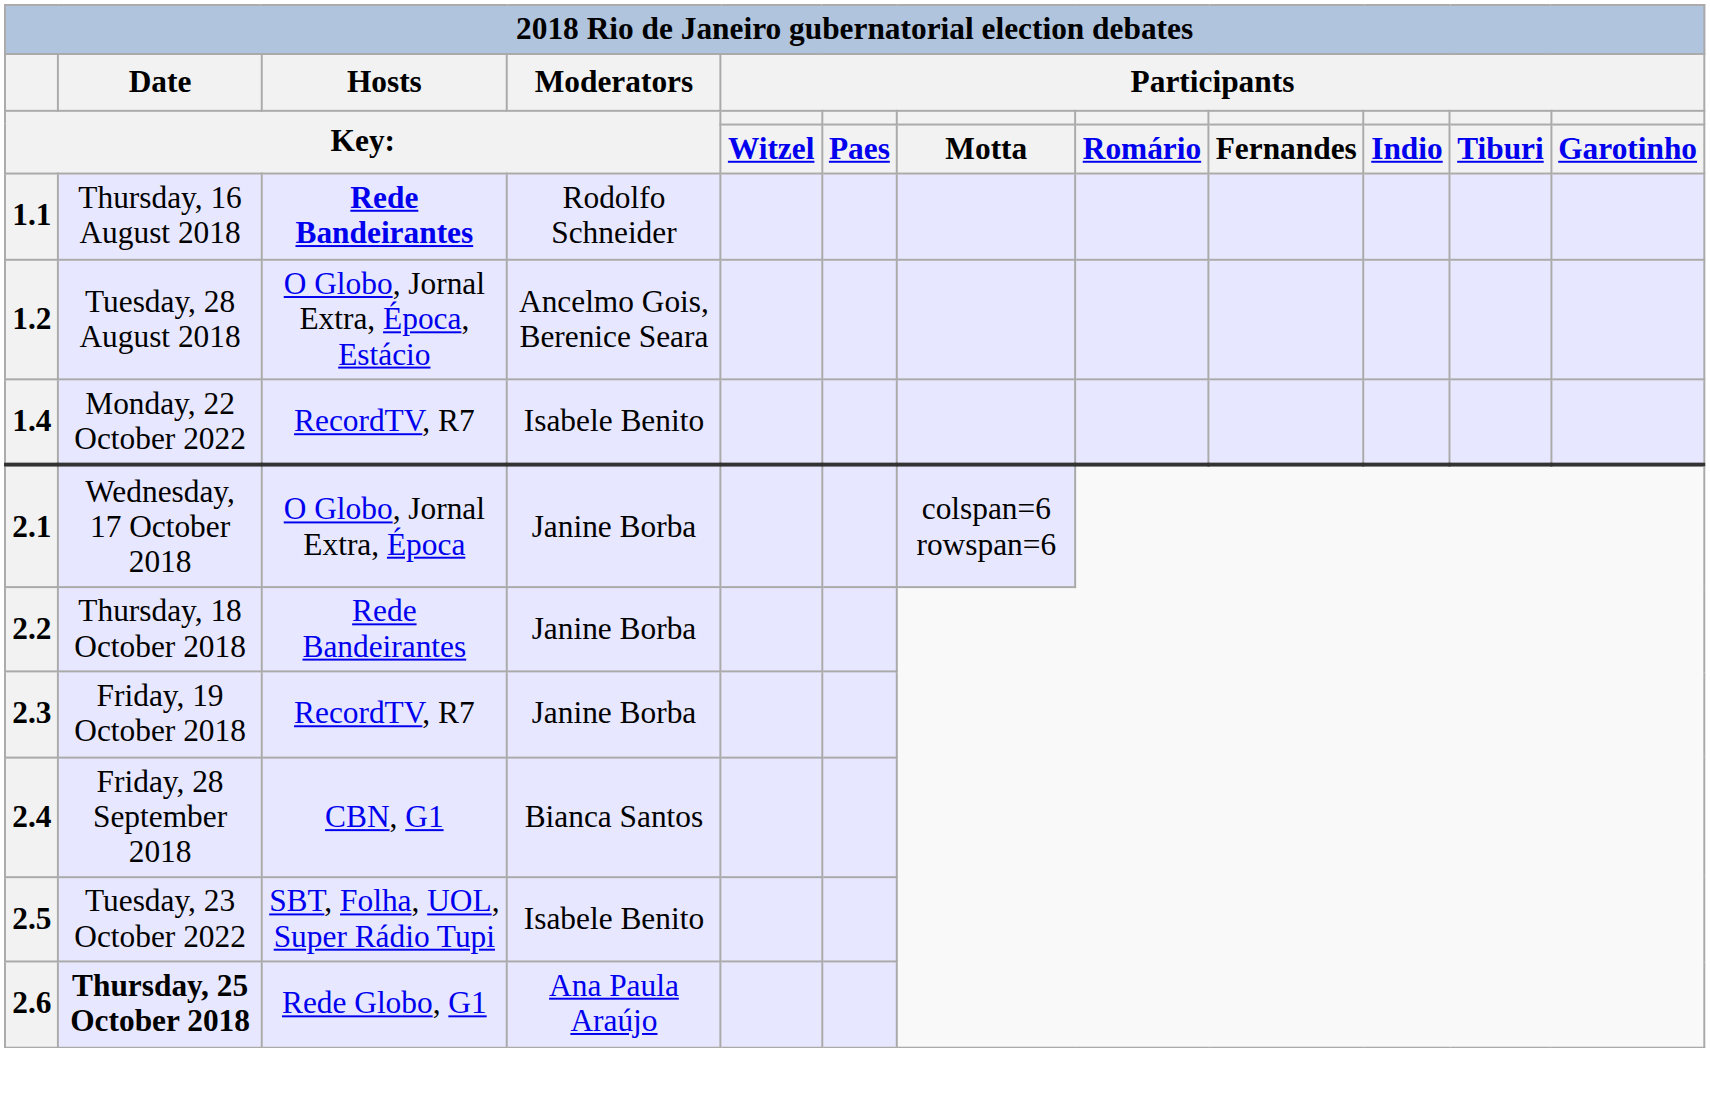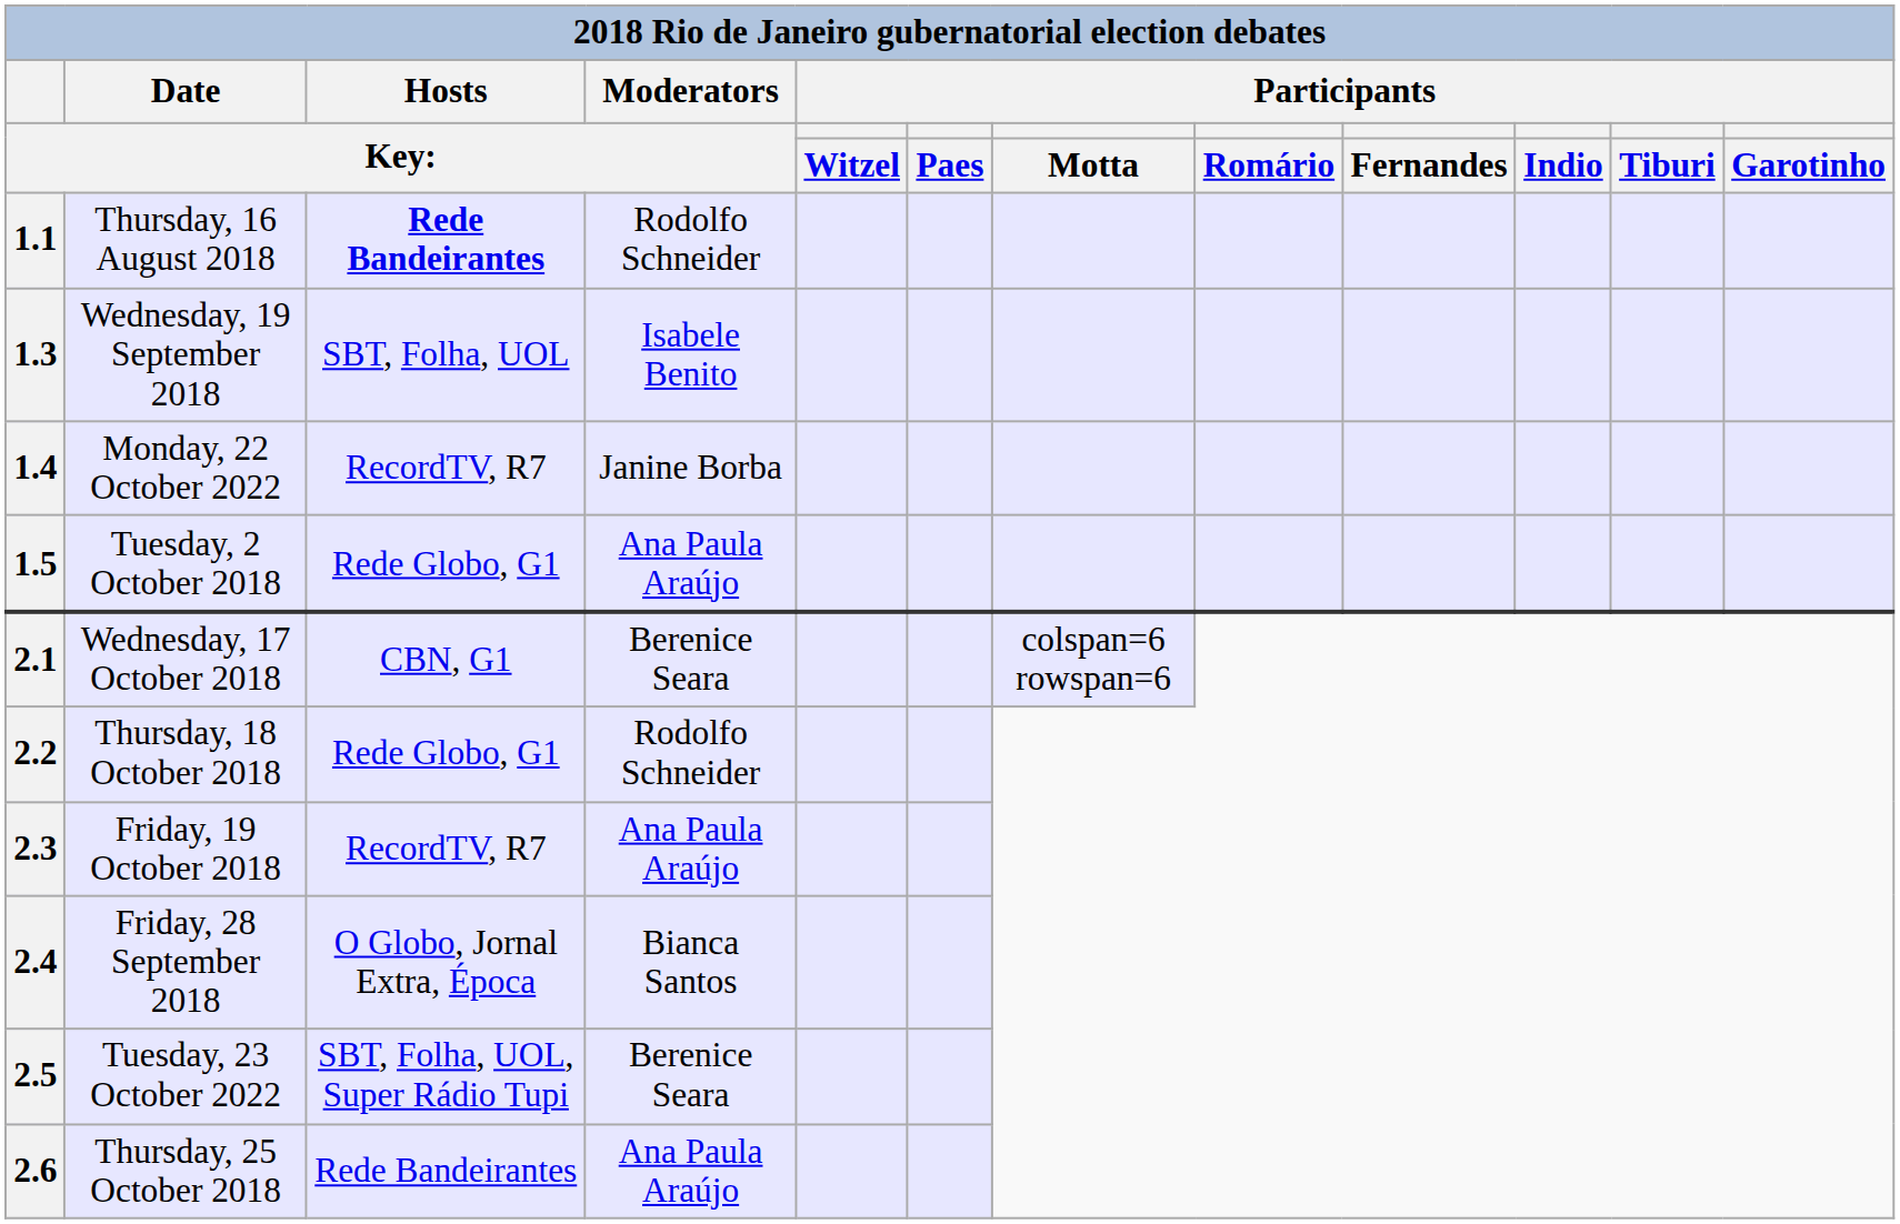 <table class="plainrowheaders wikitable" style=text-align:center>
 <tr>
 <th colspan=12 style=background:#B0C4DE>2018 Rio de Janeiro gubernatorial election debates</th>
 </tr>
 <tr style=line-height:1.3>
 <th></th>
 <th>Date</th>
 <th>Hosts</th>
 <th>Moderators</th>
 <th colspan=8 scope=col>Participants</th>
 </tr>
 <tr>
 <th colspan=4 rowspan=2>Key:<br></th>
 <th scope=col style=background:><small><a href='#'></a></small></th>
 <th scope=col style=background:><small><a href='#'></a></small></th>
 <th scope=col style=background:><small><a href='#'></a></small></th>
 <th scope=col style=background:><small><a href='#'></a></small></th>
 <th scope=col style=background:><small><a href='#'></a></small></th>
 <th scope=col style=background:><small><a href='#'></a></small></th>
 <th scope=col style=background:><small><a href='#'></a></small></th>
 <th scope=col style=background:><small><a href='#'></a></small></th>
 </tr>
 <tr>
 <th><a href='#'>Witzel</a></th>
 <th><a href='#'>Paes</a></th>
 <th>Motta</th>
 <th><a href='#'>Romário</a></th>
 <th>Fernandes</th>
 <th><a href='#'>Indio</a></th>
 <th><a href='#'>Tiburi</a></th>
 <th><a href='#'>Garotinho</a></th>
 </tr>
 <tr style=background:#e7e7ff>
 <th scope=row style=text-align:center>1.1</th>
 <td>Thursday, 16 August 2018</td>
 <td><strong><a href='#'>Rede Bandeirantes</a></strong></td>
 <td>Rodolfo Schneider</td>
 <td></td>
 <td></td>
 <td></td>
 <td></td>
 <td></td>
 <td></td>
 <td></td>
 <td></td>
 </tr>
 <tr style=background:#e7e7ff>
-<th scope=row style=text-align:center>1.2</th>
-<td>Tuesday, 28 August 2018</td>
-<td><a href='#'>O Globo</a>, Jornal Extra, <a href='#'>Época</a>, <a href='#'>Estácio</a></td>
-<td>Ancelmo Gois, Berenice Seara</td>
+<th scope=row style=text-align:center>1.3</th>
+<td>Wednesday, 19 September 2018</td>
+<td><a href='#'>SBT</a>, <a href='#'>Folha</a>, <a href='#'>UOL</a></td>
+<td><a href='#'>Isabele Benito</a></td>
 <td></td>
 <td></td>
 <td></td>
 <td></td>
 <td></td>
 <td></td>
 <td></td>
 <td></td>
 </tr>
 <tr style=background:#e7e7ff>
 <th scope=row style=text-align:center>1.4</th>
 <td>Monday, 22 October 2022</td>
 <td><a href='#'>RecordTV</a>, R7</td>
-<td>Isabele Benito</td>
+<td>Janine Borba</td>
+<td></td>
+<td></td>
+<td></td>
+<td></td>
+<td></td>
+<td></td>
+<td></td>
+<td></td>
+</tr>
+<tr style=background:#e7e7ff>
+<th scope=row style=text-align:center>1.5</th>
+<td>Tuesday, 2 October 2018</td>
+<td><a href='#'>Rede Globo</a>, <a href='#'>G1</a></td>
+<td><a href='#'>Ana Paula Araújo</a></td>
 <td></td>
 <td></td>
 <td></td>
 <td></td>
 <td></td>
 <td></td>
 <td></td>
 <td></td>
 </tr>
 <tr style="background:#e7e7ff; border-top: 2px solid #333333">
 <th scope=row style=text-align:center>2.1</th>
 <td>Wednesday, 17 October 2018</td>
-<td><a href='#'>O Globo</a>, Jornal Extra, <a href='#'>Época</a></td>
-<td>Janine Borba</td>
+<td><a href='#'>CBN</a>, <a href='#'>G1</a></td>
+<td>Berenice Seara</td>
 <td></td>
 <td></td>
 <td>colspan=6 rowspan=6 </td>
 </tr>
 <tr style=background:#e7e7ff>
 <th scope=row style=text-align:center>2.2</th>
 <td>Thursday, 18 October 2018</td>
-<td><a href='#'>Rede Bandeirantes</a></td>
-<td>Janine Borba</td>
+<td><a href='#'>Rede Globo</a>, <a href='#'>G1</a></td>
+<td>Rodolfo Schneider</td>
 <td></td>
 <td></td>
 </tr>
 <tr style=background:#e7e7ff>
 <th scope=row style=text-align:center>2.3</th>
 <td>Friday, 19 October 2018</td>
 <td><a href='#'>RecordTV</a>, R7</td>
-<td>Janine Borba</td>
+<td><a href='#'>Ana Paula Araújo</a></td>
 <td></td>
 <td></td>
 </tr>
 <tr style=background:#e7e7ff>
 <th scope=row style=text-align:center>2.4</th>
 <td>Friday, 28 September 2018</td>
-<td><a href='#'>CBN</a>, <a href='#'>G1</a></td>
+<td><a href='#'>O Globo</a>, Jornal Extra, <a href='#'>Época</a></td>
 <td>Bianca Santos</td>
 <td></td>
 <td></td>
 </tr>
 <tr style=background:#e7e7ff>
 <th scope=row style=text-align:center>2.5</th>
 <td>Tuesday, 23 October 2022</td>
 <td><a href='#'>SBT</a>, <a href='#'>Folha</a>, <a href='#'>UOL</a>, <a href='#'>Super Rádio Tupi</a></td>
-<td>Isabele Benito</td>
+<td>Berenice Seara</td>
 <td></td>
 <td></td>
 </tr>
 <tr style=background:#e7e7ff>
 <th scope=row style=text-align:center>2.6</th>
-<td><strong>Thursday, 25 October 2018</strong></td>
-<td><a href='#'>Rede Globo</a>, <a href='#'>G1</a></td>
+<td>Thursday, 25 October 2018</td>
+<td><a href='#'>Rede Bandeirantes</a></td>
 <td><a href='#'>Ana Paula Araújo</a></td>
 <td></td>
 <td></td>
 </tr>
 </table>
